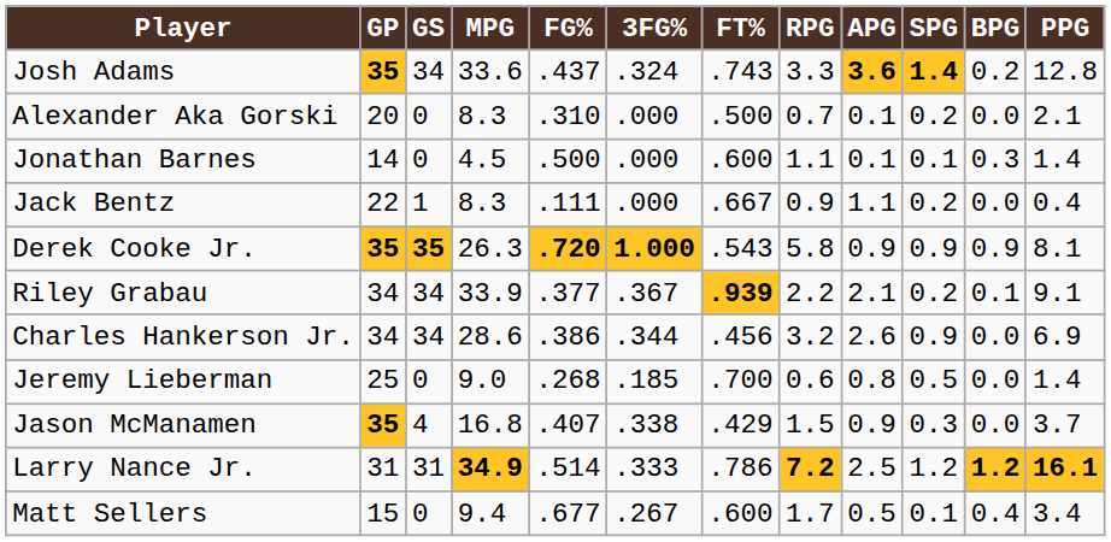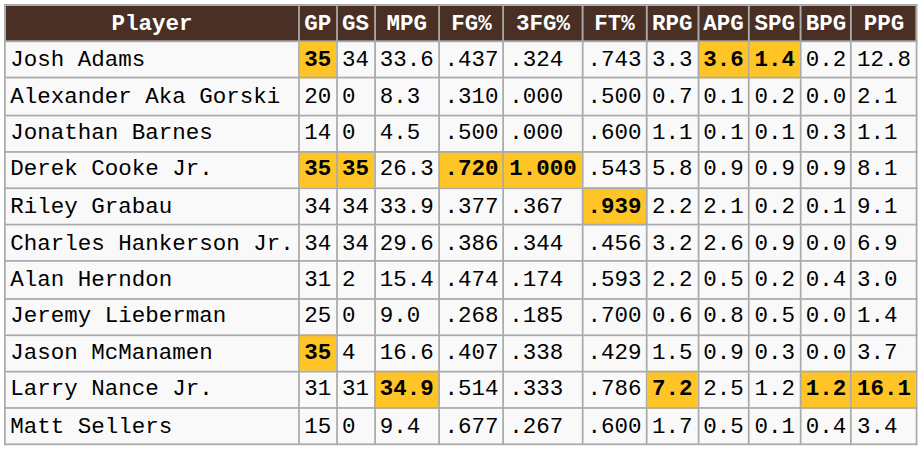 <table class="wikitable sortable">
 <tr>
 <th style="background:#492f24; color:white">Player</th>
 <th style="background:#492f24; color:white">GP</th>
 <th style="background:#492f24; color:white">GS</th>
 <th style="background:#492f24; color:white">MPG</th>
 <th style="background:#492f24; color:white">FG%</th>
 <th style="background:#492f24; color:white">3FG%</th>
 <th style="background:#492f24; color:white">FT%</th>
 <th style="background:#492f24; color:white;">RPG</th>
 <th style="background:#492f24; color:white;">APG</th>
 <th style="background:#492f24; color:white;">SPG</th>
 <th style="background:#492f24; color:white;">BPG</th>
 <th style="background:#492f24; color:white;">PPG</th>
 </tr>
 <tr>
 <td>Josh Adams</td>
 <td style="background:#ffc425"><strong>35</strong></td>
 <td>34</td>
 <td>33.6</td>
 <td>.437</td>
 <td>.324</td>
 <td>.743</td>
 <td>3.3</td>
 <td style="background:#ffc425"><strong>3.6</strong></td>
 <td style="background:#ffc425"><strong>1.4</strong></td>
 <td>0.2</td>
 <td>12.8</td>
 </tr>
 <tr>
 <td>Alexander Aka Gorski</td>
 <td>20</td>
 <td>0</td>
 <td>8.3</td>
 <td>.310</td>
 <td>.000</td>
 <td>.500</td>
 <td>0.7</td>
 <td>0.1</td>
 <td>0.2</td>
 <td>0.0</td>
 <td>2.1</td>
 </tr>
 <tr>
 <td>Jonathan Barnes</td>
 <td>14</td>
 <td>0</td>
 <td>4.5</td>
 <td>.500</td>
 <td>.000</td>
 <td>.600</td>
 <td>1.1</td>
 <td>0.1</td>
 <td>0.1</td>
 <td>0.3</td>
-<td>1.4</td>
-</tr>
-<tr>
-<td>Jack Bentz</td>
-<td>22</td>
-<td>1</td>
-<td>8.3</td>
-<td>.111</td>
-<td>.000</td>
-<td>.667</td>
-<td>0.9</td>
 <td>1.1</td>
-<td>0.2</td>
-<td>0.0</td>
-<td>0.4</td>
 </tr>
 <tr>
 <td>Derek Cooke Jr.</td>
 <td style="background:#ffc425"><strong>35</strong></td>
 <td style="background:#ffc425"><strong>35</strong></td>
 <td>26.3</td>
 <td style="background:#ffc425"><strong>.720</strong></td>
 <td style="background:#ffc425"><strong>1.000</strong></td>
 <td>.543</td>
 <td>5.8</td>
 <td>0.9</td>
 <td>0.9</td>
 <td>0.9</td>
 <td>8.1</td>
 </tr>
 <tr>
 <td>Riley Grabau</td>
 <td>34</td>
 <td>34</td>
 <td>33.9</td>
 <td>.377</td>
 <td>.367</td>
 <td style="background:#ffc425"><strong>.939</strong></td>
 <td>2.2</td>
 <td>2.1</td>
 <td>0.2</td>
 <td>0.1</td>
 <td>9.1</td>
 </tr>
 <tr>
 <td>Charles Hankerson Jr.</td>
 <td>34</td>
 <td>34</td>
-<td>28.6</td>
+<td>29.6</td>
 <td>.386</td>
 <td>.344</td>
 <td>.456</td>
 <td>3.2</td>
 <td>2.6</td>
 <td>0.9</td>
 <td>0.0</td>
 <td>6.9</td>
+</tr>
+<tr>
+<td>Alan Herndon</td>
+<td>31</td>
+<td>2</td>
+<td>15.4</td>
+<td>.474</td>
+<td>.174</td>
+<td>.593</td>
+<td>2.2</td>
+<td>0.5</td>
+<td>0.2</td>
+<td>0.4</td>
+<td>3.0</td>
 </tr>
 <tr>
 <td>Jeremy Lieberman</td>
 <td>25</td>
 <td>0</td>
 <td>9.0</td>
 <td>.268</td>
 <td>.185</td>
 <td>.700</td>
 <td>0.6</td>
 <td>0.8</td>
 <td>0.5</td>
 <td>0.0</td>
 <td>1.4</td>
 </tr>
 <tr>
 <td>Jason McManamen</td>
 <td style="background:#ffc425"><strong>35</strong></td>
 <td>4</td>
-<td>16.8</td>
+<td>16.6</td>
 <td>.407</td>
 <td>.338</td>
 <td>.429</td>
 <td>1.5</td>
 <td>0.9</td>
 <td>0.3</td>
 <td>0.0</td>
 <td>3.7</td>
 </tr>
 <tr>
 <td>Larry Nance Jr.</td>
 <td>31</td>
 <td>31</td>
 <td style="background:#ffc425"><strong>34.9</strong></td>
 <td>.514</td>
 <td>.333</td>
 <td>.786</td>
 <td style="background:#ffc425"><strong>7.2</strong></td>
 <td>2.5</td>
 <td>1.2</td>
 <td style="background:#ffc425"><strong>1.2</strong></td>
 <td style="background:#ffc425"><strong>16.1</strong></td>
 </tr>
 <tr>
 <td>Matt Sellers</td>
 <td>15</td>
 <td>0</td>
 <td>9.4</td>
 <td>.677</td>
 <td>.267</td>
 <td>.600</td>
 <td>1.7</td>
 <td>0.5</td>
 <td>0.1</td>
 <td>0.4</td>
 <td>3.4</td>
 </tr>
 </table>
